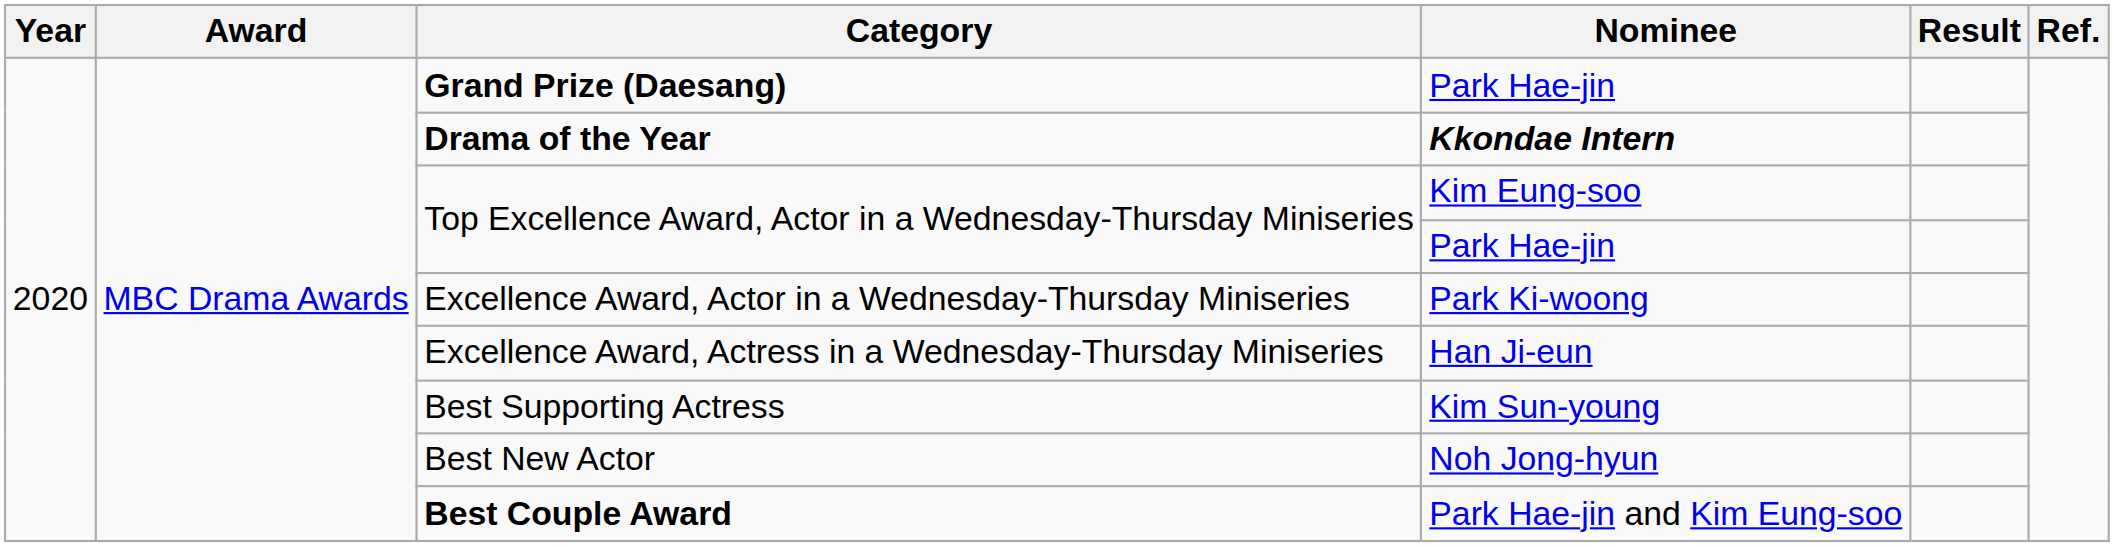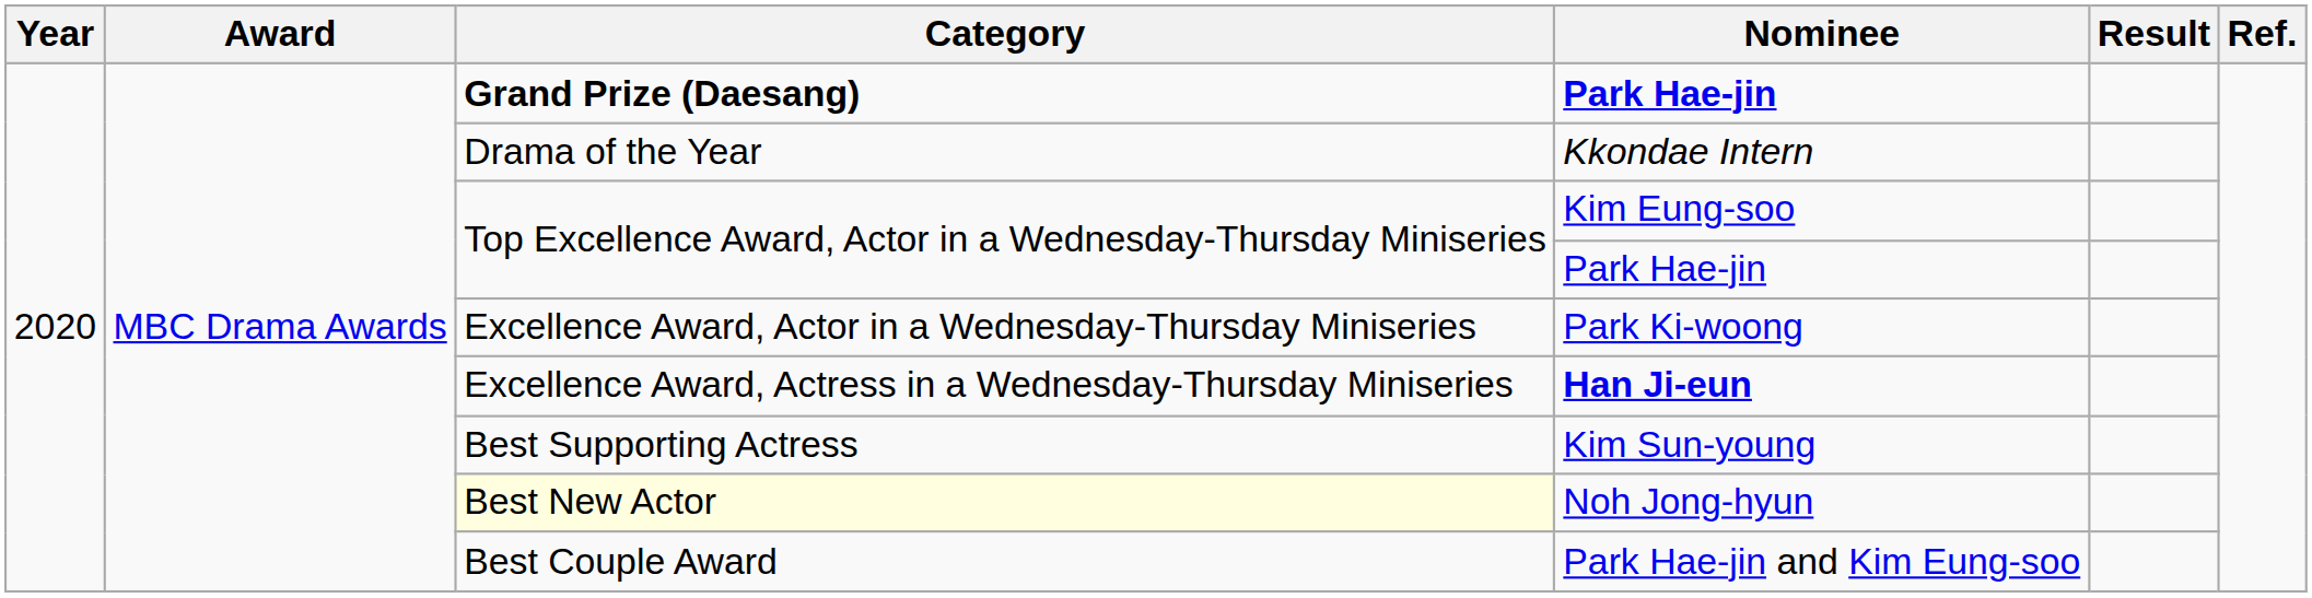 <table class="wikitable">
 <tr>
 <th>Year</th>
 <th>Award</th>
 <th>Category</th>
 <th>Nominee</th>
 <th>Result</th>
 <th>Ref.</th>
 </tr>
 <tr>
 <td rowspan=9>2020</td>
 <td rowspan=9><a href='#'>MBC Drama Awards</a></td>
 <td><strong>Grand Prize (Daesang)</strong></td>
-<td><a href='#'>Park Hae-jin</a></td>
+<td><strong><a href='#'>Park Hae-jin</a></strong></td>
 <td></td>
 <td rowspan=9></td>
 </tr>
 <tr>
-<td><strong>Drama of the Year</strong></td>
-<td><strong><em>Kkondae Intern</em></strong></td>
+<td>Drama of the Year</td>
+<td><em>Kkondae Intern</em></td>
 <td></td>
 </tr>
 <tr>
 <td rowspan=2>Top Excellence Award, Actor in a Wednesday-Thursday Miniseries</td>
 <td><a href='#'>Kim Eung-soo</a></td>
 <td></td>
 </tr>
 <tr>
 <td><a href='#'>Park Hae-jin</a></td>
 <td></td>
 </tr>
 <tr>
 <td>Excellence Award, Actor in a Wednesday-Thursday Miniseries</td>
 <td><a href='#'>Park Ki-woong</a></td>
 <td></td>
 </tr>
 <tr>
 <td>Excellence Award, Actress in a Wednesday-Thursday Miniseries</td>
-<td><a href='#'>Han Ji-eun</a></td>
+<td><strong><a href='#'>Han Ji-eun</a></strong></td>
 <td></td>
 </tr>
 <tr>
 <td>Best Supporting Actress</td>
 <td><a href='#'>Kim Sun-young</a></td>
 <td></td>
 </tr>
 <tr>
-<td>Best New Actor</td>
+<td style="background: lightyellow;">Best New Actor</td>
 <td><a href='#'>Noh Jong-hyun</a></td>
 <td></td>
 </tr>
 <tr>
-<td><strong>Best Couple Award</strong></td>
+<td>Best Couple Award</td>
 <td><a href='#'>Park Hae-jin</a> and <a href='#'>Kim Eung-soo</a></td>
 <td></td>
 </tr>
 </table>
